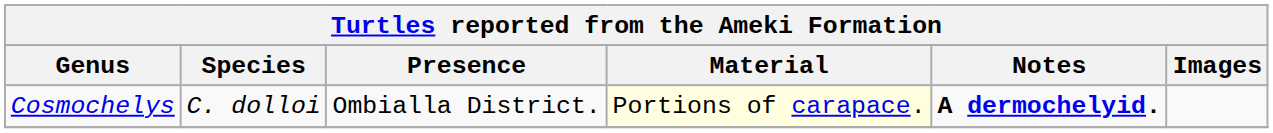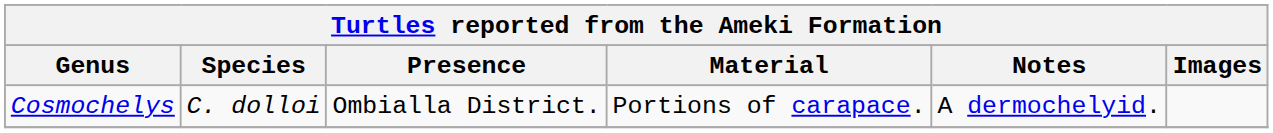 <table class="wikitable" align="center">
 <tr>
 <th colspan="6" align="center"><a href='#'>Turtles</a> reported from the Ameki Formation</th>
 </tr>
 <tr>
 <th>Genus</th>
 <th>Species</th>
 <th>Presence</th>
 <th>Material</th>
 <th>Notes</th>
 <th>Images</th>
 </tr>
 <tr>
 <td><em><a href='#'>Cosmochelys</a></em></td>
 <td><em>C. dolloi</em></td>
 <td>Ombialla District.</td>
-<td style="background: lightyellow;">Portions of <a href='#'>carapace</a>.</td>
-<td><strong>A <a href='#'>dermochelyid</a>.</strong></td>
+<td>Portions of <a href='#'>carapace</a>.</td>
+<td>A <a href='#'>dermochelyid</a>.</td>
 <td></td>
 </tr>
 <tr>
 </tr>
 </table>
